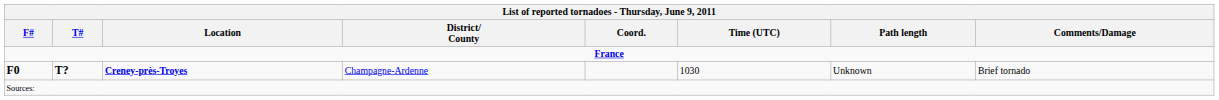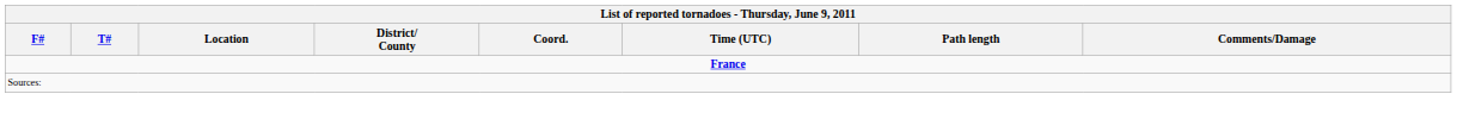 <table class="wikitable collapsible" width="100%">
 <tr>
 <th colspan="8">List of reported tornadoes - Thursday, June 9, 2011</th>
 </tr>
 <tr>
 <th><a href='#'>F#</a></th>
 <th><a href='#'>T#</a></th>
 <th>Location</th>
 <th>District/<br>County</th>
 <th>Coord.</th>
 <th>Time (UTC)</th>
 <th>Path length</th>
 <th>Comments/Damage</th>
 </tr>
 <tr>
 <td colspan="8" align=center><strong><a href='#'>France</a></strong></td>
 </tr>
 <tr>
-<td><big><strong>F0</strong></big></td>
-<td><big><strong>T?</strong></big></td>
-<td><strong><a href='#'>Creney-près-Troyes</a></strong></td>
-<td><a href='#'>Champagne-Ardenne</a></td>
-<td></td>
-<td>1030</td>
-<td>Unknown</td>
-<td>Brief tornado</td>
-</tr>
-<tr>
 <td colspan="8"><small>Sources:  </small></td>
 </tr>
 </table>
